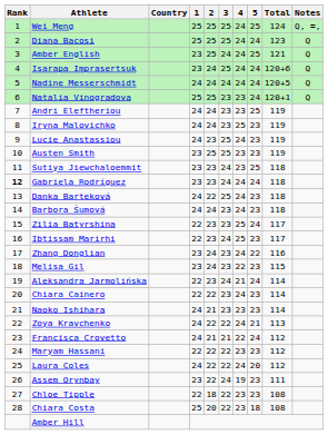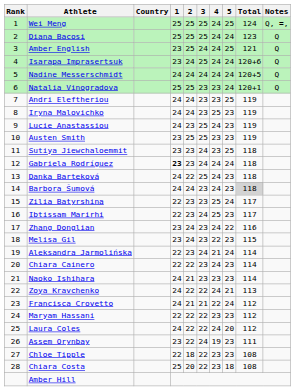 <table class="wikitable sortable" style="text-align:center">
 <tr>
 <th>Rank</th>
 <th>Athlete</th>
 <th>Country</th>
 <th class="sortable">1</th>
 <th class="sortable">2</th>
 <th class="sortable">3</th>
 <th class="sortable">4</th>
 <th class="sortable">5</th>
 <th>Total</th>
 <th class="unsortable">Notes</th>
 </tr>
 <tr bgcolor=bbf3bb>
 <td>1</td>
 <td align=left><a href='#'>Wei Meng</a></td>
 <td align=left></td>
 <td>25</td>
 <td>25</td>
 <td>25</td>
 <td>24</td>
 <td>25</td>
 <td>124</td>
 <td>Q, <strong>=</strong>, </td>
 </tr>
 <tr bgcolor=bbf3bb>
 <td>2</td>
 <td align=left><a href='#'>Diana Bacosi</a></td>
 <td align=left></td>
 <td>25</td>
 <td>25</td>
 <td>25</td>
 <td>24</td>
 <td>24</td>
 <td>123</td>
 <td>Q</td>
 </tr>
 <tr bgcolor=bbf3bb>
 <td>3</td>
 <td align=left><a href='#'>Amber English</a></td>
 <td align=left></td>
 <td>23</td>
 <td>25</td>
 <td>24</td>
 <td>24</td>
 <td>25</td>
 <td>121</td>
 <td>Q</td>
 </tr>
 <tr bgcolor=bbf3bb>
 <td>4</td>
 <td align=left><a href='#'>Isarapa Imprasertsuk</a></td>
 <td align=left></td>
 <td>23</td>
 <td>24</td>
 <td>25</td>
 <td>24</td>
 <td>24</td>
 <td>120+6</td>
 <td>Q</td>
 </tr>
 <tr bgcolor=bbf3bb>
 <td>5</td>
 <td align=left><a href='#'>Nadine Messerschmidt</a></td>
 <td align=left></td>
 <td>24</td>
 <td>24</td>
 <td>24</td>
 <td>24</td>
 <td>24</td>
 <td>120+5</td>
 <td>Q</td>
 </tr>
 <tr bgcolor=bbf3bb>
 <td>6</td>
 <td align=left><a href='#'>Natalia Vinogradova</a></td>
 <td align=left></td>
 <td>25</td>
 <td>25</td>
 <td>23</td>
 <td>23</td>
 <td>24</td>
 <td>120+1</td>
 <td>Q</td>
 </tr>
 <tr>
 <td>7</td>
 <td align=left><a href='#'>Andri Eleftheriou</a></td>
 <td align=left></td>
 <td>24</td>
 <td>24</td>
 <td>23</td>
 <td>23</td>
 <td>25</td>
 <td>119</td>
 <td></td>
 </tr>
 <tr>
 <td>8</td>
 <td align=left><a href='#'>Iryna Malovichko</a></td>
 <td align=left></td>
 <td>24</td>
 <td>24</td>
 <td>23</td>
 <td>25</td>
 <td>23</td>
 <td>119</td>
 <td></td>
 </tr>
 <tr>
 <td>9</td>
 <td align=left><a href='#'>Lucie Anastassiou</a></td>
 <td align=left></td>
 <td>24</td>
 <td>23</td>
 <td>25</td>
 <td>24</td>
 <td>23</td>
 <td>119</td>
 <td></td>
 </tr>
 <tr>
 <td>10</td>
 <td align=left><a href='#'>Austen Smith</a></td>
 <td align=left></td>
 <td>23</td>
 <td>25</td>
 <td>25</td>
 <td>23</td>
 <td>23</td>
 <td>119</td>
 <td></td>
 </tr>
 <tr>
 <td>11</td>
 <td align=left><a href='#'>Sutiya Jiewchaloemmit</a></td>
 <td align=left></td>
 <td>23</td>
 <td>23</td>
 <td>24</td>
 <td>23</td>
 <td>25</td>
 <td>118</td>
 <td></td>
 </tr>
 <tr>
-<td><strong>12</strong></td>
+<td>12</td>
 <td align=left><a href='#'>Gabriela Rodríguez</a></td>
 <td align=left></td>
-<td>23</td>
+<td><strong>23</strong></td>
 <td>23</td>
 <td>24</td>
 <td>24</td>
 <td>24</td>
 <td>118</td>
 <td></td>
 </tr>
 <tr>
 <td>13</td>
 <td align=left><a href='#'>Danka Barteková</a></td>
 <td align=left></td>
 <td>24</td>
 <td>22</td>
 <td>25</td>
 <td>24</td>
 <td>23</td>
 <td>118</td>
 <td></td>
 </tr>
 <tr>
 <td>14</td>
 <td align=left><a href='#'>Barbora Šumová</a></td>
 <td align=left></td>
 <td>24</td>
 <td>24</td>
 <td>23</td>
 <td>24</td>
 <td>23</td>
-<td>118</td>
+<td style="background: lightgrey;">118</td>
 <td></td>
 </tr>
 <tr>
 <td>15</td>
 <td align=left><a href='#'>Zilia Batyrshina</a></td>
 <td align=left></td>
 <td>22</td>
 <td>23</td>
 <td>23</td>
 <td>25</td>
 <td>24</td>
 <td>117</td>
 <td></td>
 </tr>
 <tr>
 <td>16</td>
 <td align=left><a href='#'>Ibtissam Marirhi</a></td>
 <td align=left></td>
 <td>22</td>
 <td>23</td>
 <td>24</td>
 <td>25</td>
 <td>23</td>
 <td>117</td>
 <td></td>
 </tr>
 <tr>
 <td>17</td>
 <td align=left><a href='#'>Zhang Donglian</a></td>
 <td align=left></td>
 <td>23</td>
 <td>24</td>
 <td>23</td>
 <td>24</td>
 <td>22</td>
 <td>116</td>
 <td></td>
 </tr>
 <tr>
 <td>18</td>
 <td align=left><a href='#'>Melisa Gil</a></td>
 <td align=left></td>
 <td>23</td>
 <td>24</td>
 <td>23</td>
 <td>22</td>
 <td>23</td>
 <td>115</td>
 <td></td>
 </tr>
 <tr>
 <td>19</td>
 <td align=left><a href='#'>Aleksandra Jarmolińska</a></td>
 <td align=left></td>
 <td>22</td>
 <td>23</td>
 <td>24</td>
 <td>21</td>
 <td>24</td>
 <td>114</td>
 <td></td>
 </tr>
 <tr>
 <td>20</td>
 <td align=left><a href='#'>Chiara Cainero</a></td>
 <td align=left></td>
 <td>22</td>
 <td>22</td>
 <td>23</td>
 <td>24</td>
 <td>23</td>
 <td>114</td>
 <td></td>
 </tr>
 <tr>
 <td>21</td>
 <td align=left><a href='#'>Naoko Ishihara</a></td>
 <td align=left></td>
 <td>24</td>
 <td>21</td>
 <td>23</td>
 <td>23</td>
 <td>23</td>
 <td>114</td>
 <td></td>
 </tr>
 <tr>
 <td>22</td>
 <td align=left><a href='#'>Zoya Kravchenko</a></td>
 <td align=left></td>
 <td>24</td>
 <td>22</td>
 <td>22</td>
 <td>24</td>
 <td>21</td>
 <td>113</td>
 <td></td>
 </tr>
 <tr>
 <td>23</td>
 <td align=left><a href='#'>Francisca Crovetto</a></td>
 <td align=left></td>
 <td>24</td>
 <td>21</td>
 <td>21</td>
 <td>22</td>
 <td>24</td>
 <td>112</td>
 <td></td>
 </tr>
 <tr>
 <td>24</td>
 <td align=left><a href='#'>Maryam Hassani</a></td>
 <td align=left></td>
 <td>22</td>
 <td>22</td>
 <td>22</td>
 <td>23</td>
 <td>23</td>
 <td>112</td>
 <td></td>
 </tr>
 <tr>
 <td>25</td>
 <td align=left><a href='#'>Laura Coles</a></td>
 <td align=left></td>
 <td>24</td>
 <td>22</td>
 <td>22</td>
 <td>24</td>
 <td>20</td>
 <td>112</td>
 <td></td>
 </tr>
 <tr>
 <td>26</td>
 <td align=left><a href='#'>Assem Orynbay</a></td>
 <td align=left></td>
 <td>23</td>
 <td>22</td>
 <td>24</td>
 <td>19</td>
 <td>23</td>
 <td>111</td>
 <td></td>
 </tr>
 <tr>
 <td>27</td>
 <td align=left><a href='#'>Chloe Tipple</a></td>
 <td align=left></td>
 <td>22</td>
 <td>18</td>
 <td>22</td>
 <td>23</td>
 <td>23</td>
 <td>108</td>
 <td></td>
 </tr>
 <tr>
 <td>28</td>
 <td align=left><a href='#'>Chiara Costa</a></td>
 <td align=left></td>
 <td>25</td>
 <td>20</td>
 <td>22</td>
 <td>23</td>
 <td>18</td>
 <td>108</td>
 <td></td>
 </tr>
 <tr>
 <td></td>
 <td align=left><a href='#'>Amber Hill</a></td>
 <td align=left></td>
 <td colspan=7></td>
 </tr>
 </table>
